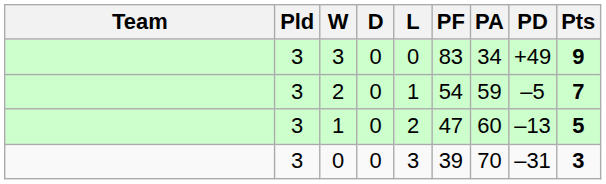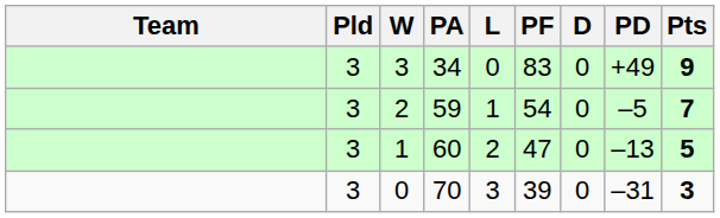 <table class="wikitable" style="text-align:center;">
 <tr>
 <th width="190">Team</th>
 <th width="20" abbr="Played">Pld</th>
 <th width="20" abbr="Won">W</th>
-<th width="20" abbr="Drawn">D</th>
+<th width="20" abbr="Points against">PA</th>
 <th width="20" abbr="Lost">L</th>
 <th width="20" abbr="Points for">PF</th>
-<th width="20" abbr="Points against">PA</th>
+<th width="20" abbr="Drawn">D</th>
 <th width="25" abbr="Points difference">PD</th>
 <th width="20" abbr="Points">Pts</th>
 </tr>
 <tr style="background:#ccffcc">
 <td align="left"></td>
 <td>3</td>
 <td>3</td>
-<td>0</td>
+<td>34</td>
 <td>0</td>
 <td>83</td>
-<td>34</td>
+<td>0</td>
 <td>+49</td>
 <td><strong>9</strong></td>
 </tr>
 <tr style="background:#ccffcc">
 <td align="left"></td>
 <td>3</td>
 <td>2</td>
-<td>0</td>
+<td>59</td>
 <td>1</td>
 <td>54</td>
-<td>59</td>
+<td>0</td>
 <td>–5</td>
 <td><strong>7</strong></td>
 </tr>
 <tr style="background:#ccffcc">
 <td align="left"></td>
 <td>3</td>
 <td>1</td>
-<td>0</td>
+<td>60</td>
 <td>2</td>
 <td>47</td>
-<td>60</td>
+<td>0</td>
 <td>–13</td>
 <td><strong>5</strong></td>
 </tr>
 <tr>
 <td align="left"></td>
 <td>3</td>
 <td>0</td>
-<td>0</td>
+<td>70</td>
 <td>3</td>
 <td>39</td>
-<td>70</td>
+<td>0</td>
 <td>–31</td>
 <td><strong>3</strong></td>
 </tr>
 </table>
